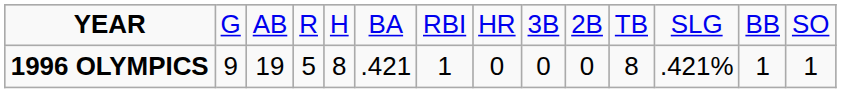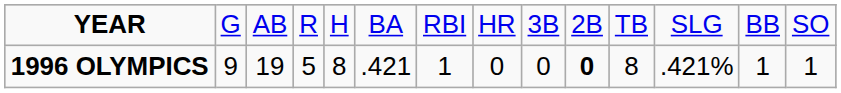 <table class="wikitable">
 <tr align=center>
 <td><strong>YEAR</strong></td>
 <td><a href='#'>G</a></td>
 <td><a href='#'>AB</a></td>
 <td><a href='#'>R</a></td>
 <td><a href='#'>H</a></td>
 <td><a href='#'>BA</a></td>
 <td><a href='#'>RBI</a></td>
 <td><a href='#'>HR</a></td>
 <td><a href='#'>3B</a></td>
 <td><a href='#'>2B</a></td>
 <td><a href='#'>TB</a></td>
 <td><a href='#'>SLG</a></td>
 <td><a href='#'>BB</a></td>
 <td><a href='#'>SO</a></td>
 </tr>
 <tr align=center>
 <td><strong>1996 OLYMPICS</strong></td>
 <td>9</td>
 <td>19</td>
 <td>5</td>
 <td>8</td>
 <td>.421</td>
 <td>1</td>
 <td>0</td>
 <td>0</td>
-<td>0</td>
+<td><strong>0</strong></td>
 <td>8</td>
 <td>.421%</td>
 <td>1</td>
 <td>1</td>
 </tr>
 </table>
